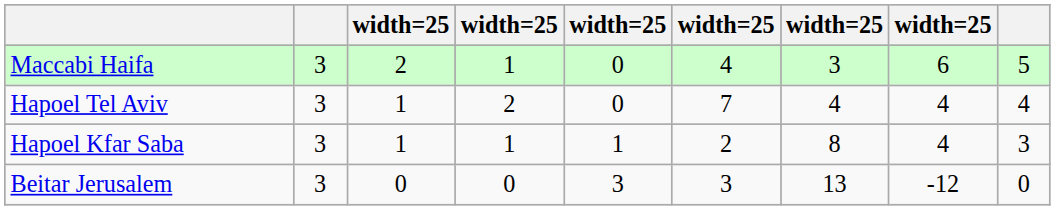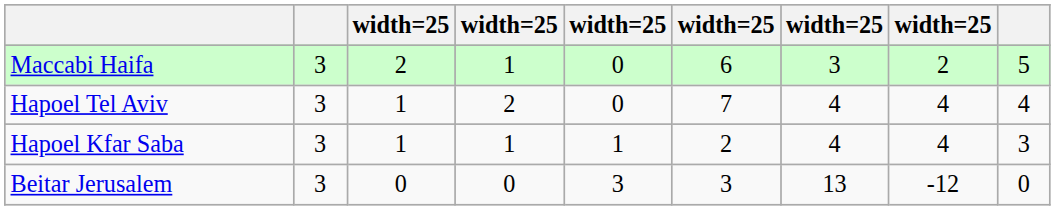 <table class="wikitable" style="text-align: center; font-size: 90%;">
 <tr>
 <th width=165></th>
 <th width=25></th>
 <th>width=25</th>
 <th>width=25</th>
 <th>width=25</th>
 <th>width=25</th>
 <th>width=25</th>
 <th>width=25</th>
 <th width=25></th>
 </tr>
 <tr bgcolor="#ccffcc">
 <td align="left"><a href='#'>Maccabi Haifa</a></td>
 <td>3</td>
 <td>2</td>
 <td>1</td>
 <td>0</td>
-<td>4</td>
+<td>6</td>
 <td>3</td>
-<td>6</td>
+<td>2</td>
 <td>5</td>
 </tr>
 <tr>
 <td align="left"><a href='#'>Hapoel Tel Aviv</a></td>
 <td>3</td>
 <td>1</td>
 <td>2</td>
 <td>0</td>
 <td>7</td>
 <td>4</td>
 <td>4</td>
 <td>4</td>
 </tr>
 <tr>
 <td align="left"><a href='#'>Hapoel Kfar Saba</a></td>
 <td>3</td>
 <td>1</td>
 <td>1</td>
 <td>1</td>
 <td>2</td>
-<td>8</td>
+<td>4</td>
 <td>4</td>
 <td>3</td>
 </tr>
 <tr>
 <td align="left"><a href='#'>Beitar Jerusalem</a></td>
 <td>3</td>
 <td>0</td>
 <td>0</td>
 <td>3</td>
 <td>3</td>
 <td>13</td>
 <td>-12</td>
 <td>0</td>
 </tr>
 </table>
